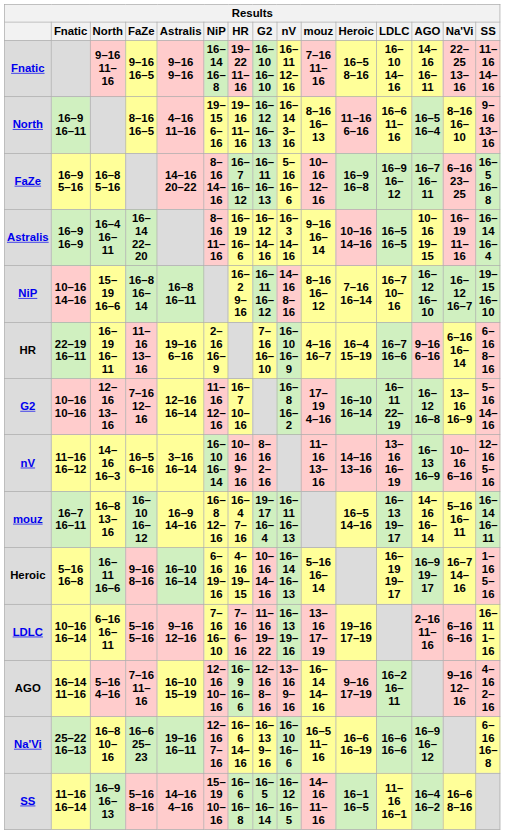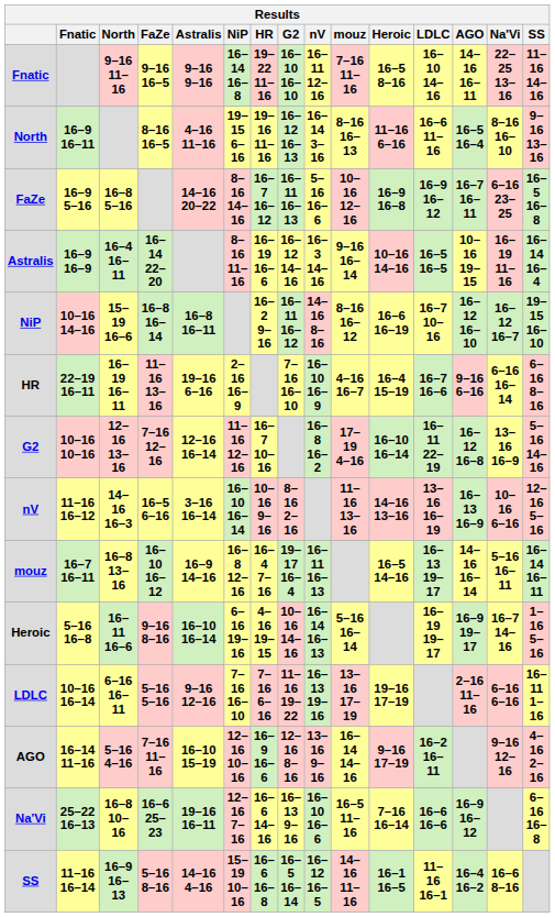 <table class="wikitable" style="text-align: center;">
 <tr>
 <th colspan=15>Results</th>
 </tr>
 <tr>
 <th width="75px"></th>
 <th width="75px">Fnatic</th>
 <th width="75px">North</th>
 <th width="75px">FaZe</th>
 <th width="75px">Astralis</th>
 <th width="75px">NiP</th>
 <th width="75px">HR</th>
 <th width="75px">G2</th>
 <th width="75px">nV</th>
 <th width="75px">mouz</th>
 <th width="75px">Heroic</th>
 <th width="75px">LDLC</th>
 <th width="75px">AGO</th>
 <th width="75px">Na'Vi</th>
 <th width="75px">SS</th>
 </tr>
 <tr>
 <td style="background: #DCDCDC;"><strong><a href='#'>Fnatic</a></strong></td>
 <td style="background: #DCDCDC;"></td>
 <td style="background: #FFCCCC;"><strong>9–16<br>11–16</strong></td>
 <td style="background: #FFFF99;"><strong>9–16<br>16–5</strong></td>
 <td style="background: #FFCCCC;"><strong>9–16<br>9–16</strong></td>
 <td style="background: #D0F0C0;"><strong>16–14<br>16–8</strong></td>
 <td style="background: #FFCCCC;"><strong>19–22<br>11–16</strong></td>
 <td style="background: #D0F0C0;"><strong>16–10<br>16–10</strong></td>
 <td style="background: #FFFF99;"><strong>16–11<br>12–16</strong></td>
 <td style="background: #FFCCCC;"><strong>7–16<br>11–16</strong></td>
 <td style="background: #FFFF99;"><strong>16–5<br>8–16</strong></td>
 <td style="background: #FFFF99;"><strong>16–10<br>14–16</strong></td>
 <td style="background: #FFFF99;"><strong>14–16<br>16–11</strong></td>
 <td style="background: #FFCCCC;"><strong>22–25<br>13–16</strong></td>
 <td style="background: #FFCCCC;"><strong>11–16<br>14–16</strong></td>
 </tr>
 <tr>
 <td style="background: #DCDCDC;"><strong><a href='#'>North</a></strong></td>
 <td style="background: #D0F0C0;"><strong>16–9<br>16–11</strong></td>
 <td style="background: #DCDCDC;"></td>
 <td style="background: #FFFF99;"><strong>8–16<br>16–5</strong></td>
 <td style="background: #FFCCCC;"><strong>4–16<br>11–16</strong></td>
 <td style="background: #FFFF99;"><strong>19–15<br>6–16</strong></td>
 <td style="background: #FFFF99;"><strong>19–16<br>11–16</strong></td>
 <td style="background: #D0F0C0;"><strong>16–12<br>16–13</strong></td>
 <td style="background: #FFFF99;"><strong>16–14<br>3–16</strong></td>
 <td style="background: #FFFF99;"><strong>8–16<br>16–13</strong></td>
 <td style="background: #FFCCCC;"><strong>11–16<br>6–16</strong></td>
 <td style="background: #FFFF99;"><strong>16–6<br>11–16</strong></td>
 <td style="background: #D0F0C0;"><strong>16–5<br>16–4</strong></td>
 <td style="background: #FFFF99;"><strong>8–16<br>16–10</strong></td>
 <td style="background: #FFCCCC;"><strong>9–16<br>13–16</strong></td>
 </tr>
 <tr>
 <td style="background: #DCDCDC;"><strong><a href='#'>FaZe</a></strong></td>
 <td style="background: #FFFF99;"><strong>16–9<br>5–16</strong></td>
 <td style="background: #FFFF99;"><strong>16–8<br>5–16</strong></td>
 <td style="background: #DCDCDC;"></td>
 <td style="background: #FFCCCC;"><strong>14–16<br>20–22</strong></td>
 <td style="background: #FFCCCC;"><strong>8–16<br>14–16</strong></td>
 <td style="background: #D0F0C0;"><strong>16–7<br>16–12</strong></td>
 <td style="background: #D0F0C0;"><strong>16–11<br>16–13</strong></td>
 <td style="background: #FFFF99;"><strong>5–16<br>16–6</strong></td>
 <td style="background: #FFCCCC;"><strong>10–16<br>12–16</strong></td>
 <td style="background: #D0F0C0;"><strong>16–9<br>16–8</strong></td>
 <td style="background: #D0F0C0;"><strong>16–9<br>16–12</strong></td>
 <td style="background: #D0F0C0;"><strong>16–7<br>16–11</strong></td>
 <td style="background: #FFCCCC;"><strong>6–16<br>23–25</strong></td>
 <td style="background: #D0F0C0;"><strong>16–5<br>16–8</strong></td>
 </tr>
 <tr>
 <td style="background: #DCDCDC;"><strong><a href='#'>Astralis</a></strong></td>
 <td style="background: #D0F0C0;"><strong>16–9<br>16–9</strong></td>
 <td style="background: #D0F0C0;"><strong>16–4<br>16–11</strong></td>
 <td style="background: #D0F0C0;"><strong>16–14<br>22–20</strong></td>
 <td style="background: #DCDCDC;"></td>
 <td style="background: #FFCCCC;"><strong>8–16<br>11–16</strong></td>
 <td style="background: #FFFF99;"><strong>16–19<br>16–6</strong></td>
 <td style="background: #FFFF99;"><strong>16–12<br>14–16</strong></td>
 <td style="background: #FFFF99;"><strong>16–3<br>14–16</strong></td>
 <td style="background: #FFFF99;"><strong>9–16<br>16–14</strong></td>
 <td style="background: #FFCCCC;"><strong>10–16<br>14–16</strong></td>
 <td style="background: #D0F0C0;"><strong>16–5<br>16–5</strong></td>
 <td style="background: #FFFF99;"><strong>10–16<br>19–15</strong></td>
 <td style="background: #FFCCCC;"><strong>16–19<br>11–16</strong></td>
 <td style="background: #D0F0C0;"><strong>16–14<br>16–4</strong></td>
 </tr>
 <tr>
 <td style="background: #DCDCDC;"><strong><a href='#'>NiP</a></strong></td>
 <td style="background: #FFCCCC;"><strong>10–16<br>14–16</strong></td>
 <td style="background: #FFFF99;"><strong>15–19<br>16–6</strong></td>
 <td style="background: #D0F0C0;"><strong>16–8<br>16–14</strong></td>
 <td style="background: #D0F0C0;"><strong>16–8<br>16–11</strong></td>
 <td style="background: #DCDCDC;"></td>
 <td style="background: #FFFF99;"><strong>16–2<br>9–16</strong></td>
 <td style="background: #D0F0C0;"><strong>16–11<br>16–12</strong></td>
 <td style="background: #FFCCCC;"><strong>14–16<br>8–16</strong></td>
 <td style="background: #FFFF99;"><strong>8–16<br>16–12</strong></td>
-<td style="background: #FFFF99;"><strong>7–16<br>16–14</strong></td>
+<td style="background: #FFFF99;"><strong>16–6<br>16–19</strong></td>
 <td style="background: #FFFF99;"><strong>16–7<br>10–16</strong></td>
 <td style="background: #D0F0C0;"><strong>16–12<br>16–10</strong></td>
 <td style="background: #D0F0C0;"><strong>16–12<br>16–7</strong></td>
 <td style="background: #D0F0C0;"><strong>19–15<br>16–10</strong></td>
 </tr>
 <tr>
 <td style="background: #DCDCDC;"><strong>HR</strong></td>
 <td style="background: #D0F0C0;"><strong>22–19<br>16–11</strong></td>
 <td style="background: #FFFF99;"><strong>16–19<br>16–11</strong></td>
 <td style="background: #FFCCCC;"><strong>11–16<br>13–16</strong></td>
 <td style="background: #FFFF99;"><strong>19–16<br>6–16</strong></td>
 <td style="background: #FFFF99;"><strong>2–16<br>16–9</strong></td>
 <td style="background: #DCDCDC;"></td>
 <td style="background: #FFFF99;"><strong>7–16<br>16–10</strong></td>
 <td style="background: #D0F0C0;"><strong>16–10<br>16–9</strong></td>
 <td style="background: #FFFF99;"><strong>4–16<br>16–7</strong></td>
 <td style="background: #FFFF99;"><strong>16–4<br>15–19</strong></td>
 <td style="background: #D0F0C0;"><strong>16–7<br>16–6</strong></td>
 <td style="background: #FFCCCC;"><strong>9–16<br>6–16</strong></td>
 <td style="background: #FFFF99;"><strong>6–16<br>16–14</strong></td>
 <td style="background: #FFCCCC;"><strong>6–16<br>8–16</strong></td>
 </tr>
 <tr>
 <td style="background: #DCDCDC;"><strong><a href='#'>G2</a></strong></td>
 <td style="background: #FFCCCC;"><strong>10–16<br>10–16</strong></td>
 <td style="background: #FFCCCC;"><strong>12–16<br>13–16</strong></td>
 <td style="background: #FFCCCC;"><strong>7–16<br>12–16</strong></td>
 <td style="background: #FFFF99;"><strong>12–16<br>16–14</strong></td>
 <td style="background: #FFCCCC;"><strong>11–16<br>12–16</strong></td>
 <td style="background: #FFFF99;"><strong>16–7<br>10–16</strong></td>
 <td style="background: #DCDCDC;"></td>
 <td style="background: #D0F0C0;"><strong>16–8<br>16–2</strong></td>
 <td style="background: #FFCCCC;"><strong>17–19<br>4–16</strong></td>
 <td style="background: #D0F0C0;"><strong>16–10<br>16–14</strong></td>
 <td style="background: #D0F0C0;"><strong>16–11<br>22–19</strong></td>
 <td style="background: #D0F0C0;"><strong>16–12<br>16–8</strong></td>
 <td style="background: #FFFF99;"><strong>13–16<br>16–9</strong></td>
 <td style="background: #FFCCCC;"><strong>5–16<br>14–16</strong></td>
 </tr>
 <tr>
 <td style="background: #DCDCDC;"><strong><a href='#'>nV</a></strong></td>
 <td style="background: #FFFF99;"><strong>11–16<br>16–12</strong></td>
 <td style="background: #FFFF99;"><strong>14–16<br>16–3</strong></td>
 <td style="background: #FFFF99;"><strong>16–5<br>6–16</strong></td>
 <td style="background: #FFFF99;"><strong>3–16<br>16–14</strong></td>
 <td style="background: #D0F0C0;"><strong>16–10<br>16–14</strong></td>
 <td style="background: #FFCCCC;"><strong>10–16<br>9–16</strong></td>
 <td style="background: #FFCCCC;"><strong>8–16<br>2–16</strong></td>
 <td style="background: #DCDCDC;"></td>
 <td style="background: #FFCCCC;"><strong>11–16<br>13–16</strong></td>
 <td style="background: #FFCCCC;"><strong>14–16<br>13–16</strong></td>
 <td style="background: #FFCCCC;"><strong>13–16<br>16–19</strong></td>
 <td style="background: #D0F0C0;"><strong>16–13<br>16–9</strong></td>
 <td style="background: #FFCCCC;"><strong>10–16<br>6–16</strong></td>
 <td style="background: #FFCCCC;"><strong>12–16<br>5–16</strong></td>
 </tr>
 <tr>
 <td style="background: #DCDCDC;"><strong><a href='#'>mouz</a></strong></td>
 <td style="background: #D0F0C0;"><strong>16–7<br>16–11</strong></td>
 <td style="background: #FFFF99;"><strong>16–8<br>13–16</strong></td>
 <td style="background: #D0F0C0;"><strong>16–10<br>16–12</strong></td>
 <td style="background: #FFFF99;"><strong>16–9<br>14–16</strong></td>
 <td style="background: #FFFF99;"><strong>16–8<br>12–16</strong></td>
 <td style="background: #FFFF99;"><strong>16–4<br>7–16</strong></td>
 <td style="background: #D0F0C0;"><strong>19–17<br>16–4</strong></td>
 <td style="background: #D0F0C0;"><strong>16–11<br>16–13</strong></td>
 <td style="background: #DCDCDC;"></td>
 <td style="background: #FFFF99;"><strong>16–5<br>14–16</strong></td>
 <td style="background: #D0F0C0;"><strong>16–13<br>19–17</strong></td>
 <td style="background: #FFFF99;"><strong>14–16<br>16–14</strong></td>
 <td style="background: #FFFF99;"><strong>5–16<br>16–11</strong></td>
 <td style="background: #D0F0C0;"><strong>16–14<br>16–11</strong></td>
 </tr>
 <tr>
 <td style="background: #DCDCDC;"><strong>Heroic</strong></td>
 <td style="background: #FFFF99;"><strong>5–16<br>16–8</strong></td>
 <td style="background: #D0F0C0;"><strong>16–11<br>16–6</strong></td>
 <td style="background: #FFCCCC;"><strong>9–16<br>8–16</strong></td>
 <td style="background: #D0F0C0;"><strong>16–10<br>16–14</strong></td>
 <td style="background: #FFFF99;"><strong>6–16<br>19–16</strong></td>
 <td style="background: #FFFF99;"><strong>4–16<br>19–15</strong></td>
 <td style="background: #FFCCCC;"><strong>10–16<br>14–16</strong></td>
 <td style="background: #D0F0C0;"><strong>16–14<br>16–13</strong></td>
 <td style="background: #FFFF99;"><strong>5–16<br>16–14</strong></td>
 <td style="background: #DCDCDC;"></td>
 <td style="background: #FFFF99;"><strong>16–19<br>19–17</strong></td>
 <td style="background: #D0F0C0;"><strong>16–9<br>19–17</strong></td>
 <td style="background: #FFFF99;"><strong>16–7<br>14–16</strong></td>
 <td style="background: #FFCCCC;"><strong>1–16<br>5–16</strong></td>
 </tr>
 <tr>
 <td style="background: #DCDCDC;"><strong><a href='#'>LDLC</a></strong></td>
 <td style="background: #FFFF99;"><strong>10–16<br>16–14</strong></td>
 <td style="background: #FFFF99;"><strong>6–16<br>16–11</strong></td>
 <td style="background: #FFCCCC;"><strong>5–16<br>5–16</strong></td>
 <td style="background: #FFCCCC;"><strong>9–16<br>12–16</strong></td>
 <td style="background: #FFFF99;"><strong>7–16<br>16–10</strong></td>
 <td style="background: #FFCCCC;"><strong>7–16<br>6–16</strong></td>
 <td style="background: #FFCCCC;"><strong>11–16<br>19–22</strong></td>
 <td style="background: #D0F0C0;"><strong>16–13<br>19–16</strong></td>
 <td style="background: #FFCCCC;"><strong>13–16<br>17–19</strong></td>
 <td style="background: #FFFF99;"><strong>19–16<br>17–19</strong></td>
 <td style="background: #DCDCDC;"></td>
 <td style="background: #FFCCCC;"><strong>2–16<br>11–16</strong></td>
 <td style="background: #FFCCCC;"><strong>6–16<br>6–16</strong></td>
 <td style="background: #FFFF99;"><strong>16–11<br>1–16</strong></td>
 </tr>
 <tr>
 <td style="background: #DCDCDC;"><strong>AGO</strong></td>
 <td style="background: #FFFF99;"><strong>16–14<br>11–16</strong></td>
 <td style="background: #FFCCCC;"><strong>5–16<br>4–16</strong></td>
 <td style="background: #FFCCCC;"><strong>7–16<br>11–16</strong></td>
 <td style="background: #FFFF99;"><strong>16–10<br>15–19</strong></td>
 <td style="background: #FFCCCC;"><strong>12–16<br>10–16</strong></td>
 <td style="background: #D0F0C0;"><strong>16–9<br>16–6</strong></td>
 <td style="background: #FFCCCC;"><strong>12–16<br>8–16</strong></td>
 <td style="background: #FFCCCC;"><strong>13–16<br>9–16</strong></td>
 <td style="background: #FFFF99;"><strong>16–14<br>14–16</strong></td>
 <td style="background: #FFCCCC;"><strong>9–16<br>17–19</strong></td>
 <td style="background: #D0F0C0;"><strong>16–2<br>16–11</strong></td>
 <td style="background: #DCDCDC;"></td>
 <td style="background: #FFCCCC;"><strong>9–16<br>12–16</strong></td>
 <td style="background: #FFCCCC;"><strong>4–16<br>2–16</strong></td>
 </tr>
 <tr>
 <td style="background: #DCDCDC;"><strong><a href='#'>Na'Vi</a></strong></td>
 <td style="background: #D0F0C0;"><strong>25–22<br>16–13</strong></td>
 <td style="background: #FFFF99;"><strong>16–8<br>10–16</strong></td>
 <td style="background: #D0F0C0;"><strong>16–6<br>25–23</strong></td>
 <td style="background: #D0F0C0;"><strong>19–16<br>16–11</strong></td>
 <td style="background: #FFCCCC;"><strong>12–16<br>7–16</strong></td>
 <td style="background: #FFFF99;"><strong>16–6<br>14–16</strong></td>
 <td style="background: #FFFF99;"><strong>16–13<br>9–16</strong></td>
 <td style="background: #D0F0C0;"><strong>16–10<br>16–6</strong></td>
 <td style="background: #FFFF99;"><strong>16–5<br>11–16</strong></td>
-<td style="background: #FFFF99;"><strong>16–6<br>16–19</strong></td>
+<td style="background: #FFFF99;"><strong>7–16<br>16–14</strong></td>
 <td style="background: #D0F0C0;"><strong>16–6<br>16–6</strong></td>
 <td style="background: #D0F0C0;"><strong>16–9<br>16–12</strong></td>
 <td style="background: #DCDCDC;"></td>
 <td style="background: #FFFF99;"><strong>6–16<br>16–8</strong></td>
 </tr>
 <tr>
 <td style="background: #DCDCDC;"><strong><a href='#'>SS</a></strong></td>
 <td style="background: #FFFF99;"><strong>11–16<br>16–14</strong></td>
 <td style="background: #D0F0C0;"><strong>16–9<br>16–13</strong></td>
 <td style="background: #FFCCCC;"><strong>5–16<br>8–16</strong></td>
 <td style="background: #FFCCCC;"><strong>14–16<br>4–16</strong></td>
 <td style="background: #FFCCCC;"><strong>15–19<br>10–16</strong></td>
 <td style="background: #D0F0C0;"><strong>16–6<br>16–8</strong></td>
 <td style="background: #D0F0C0;"><strong>16–5<br>16–14</strong></td>
 <td style="background: #D0F0C0;"><strong>16–12<br>16–5</strong></td>
 <td style="background: #FFCCCC;"><strong>14–16<br>11–16</strong></td>
 <td style="background: #D0F0C0;"><strong>16–1<br>16–5</strong></td>
 <td style="background: #FFFF99;"><strong>11–16<br>16–1</strong></td>
 <td style="background: #D0F0C0;"><strong>16–4<br>16–2</strong></td>
 <td style="background: #FFFF99;"><strong>16–6<br>8–16</strong></td>
 <td style="background: #DCDCDC;"></td>
 </tr>
 </table>
